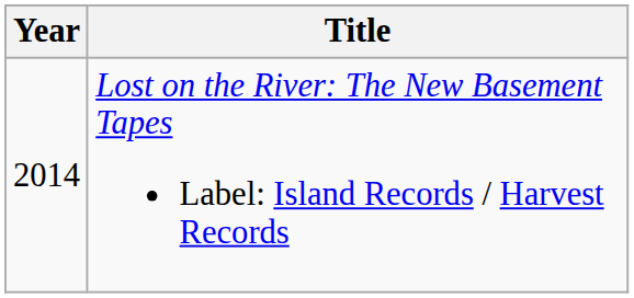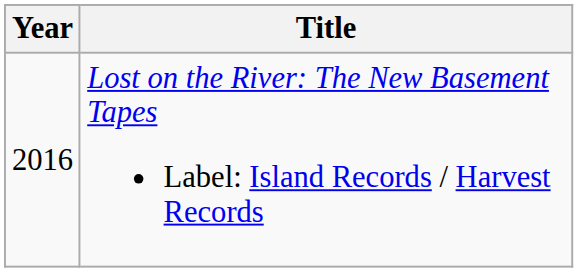 <table class="wikitable" style="text-align:center;">
 <tr>
 <th>Year</th>
 <th style="width:250px;">Title</th>
 </tr>
 <tr>
-<td>2014</td>
+<td>2016</td>
 <td align="left"><em><a href='#'>Lost on the River: The New Basement Tapes</a></em><br><ul><li>Label: <a href='#'>Island Records</a> / <a href='#'>Harvest Records</a></li></ul></td>
 </tr>
 </table>
